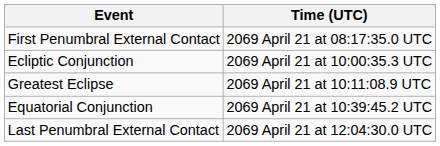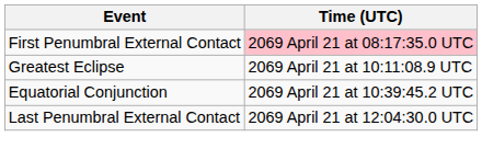 <table class="wikitable">
 <tr>
 <th>Event</th>
 <th>Time (UTC)</th>
 </tr>
 <tr>
 <td>First Penumbral External Contact</td>
-<td>2069 April 21 at 08:17:35.0 UTC</td>
-</tr>
-<tr>
-<td>Ecliptic Conjunction</td>
-<td>2069 April 21 at 10:00:35.3 UTC</td>
+<td style="background: pink;">2069 April 21 at 08:17:35.0 UTC</td>
 </tr>
 <tr>
 <td>Greatest Eclipse</td>
 <td>2069 April 21 at 10:11:08.9 UTC</td>
 </tr>
 <tr>
 <td>Equatorial Conjunction</td>
 <td>2069 April 21 at 10:39:45.2 UTC</td>
 </tr>
 <tr>
 <td>Last Penumbral External Contact</td>
 <td>2069 April 21 at 12:04:30.0 UTC</td>
 </tr>
 </table>
